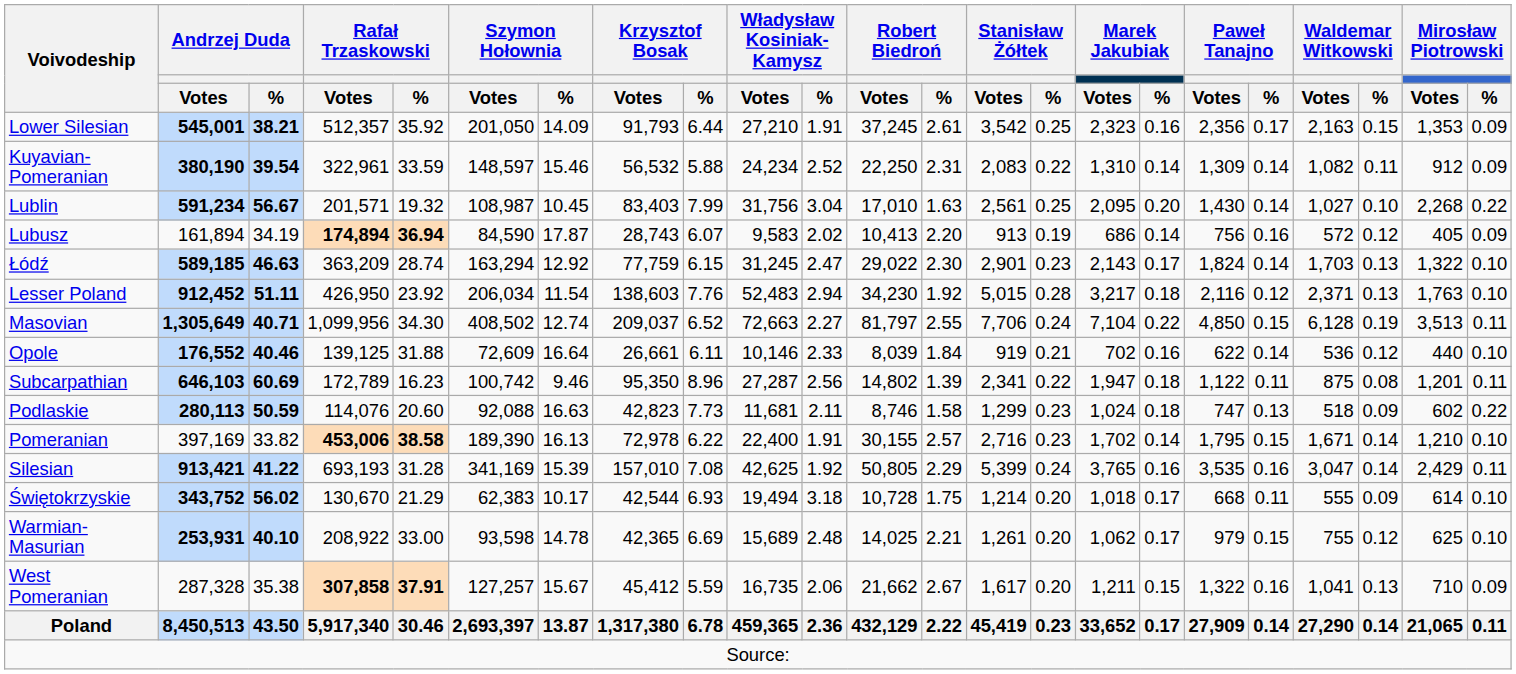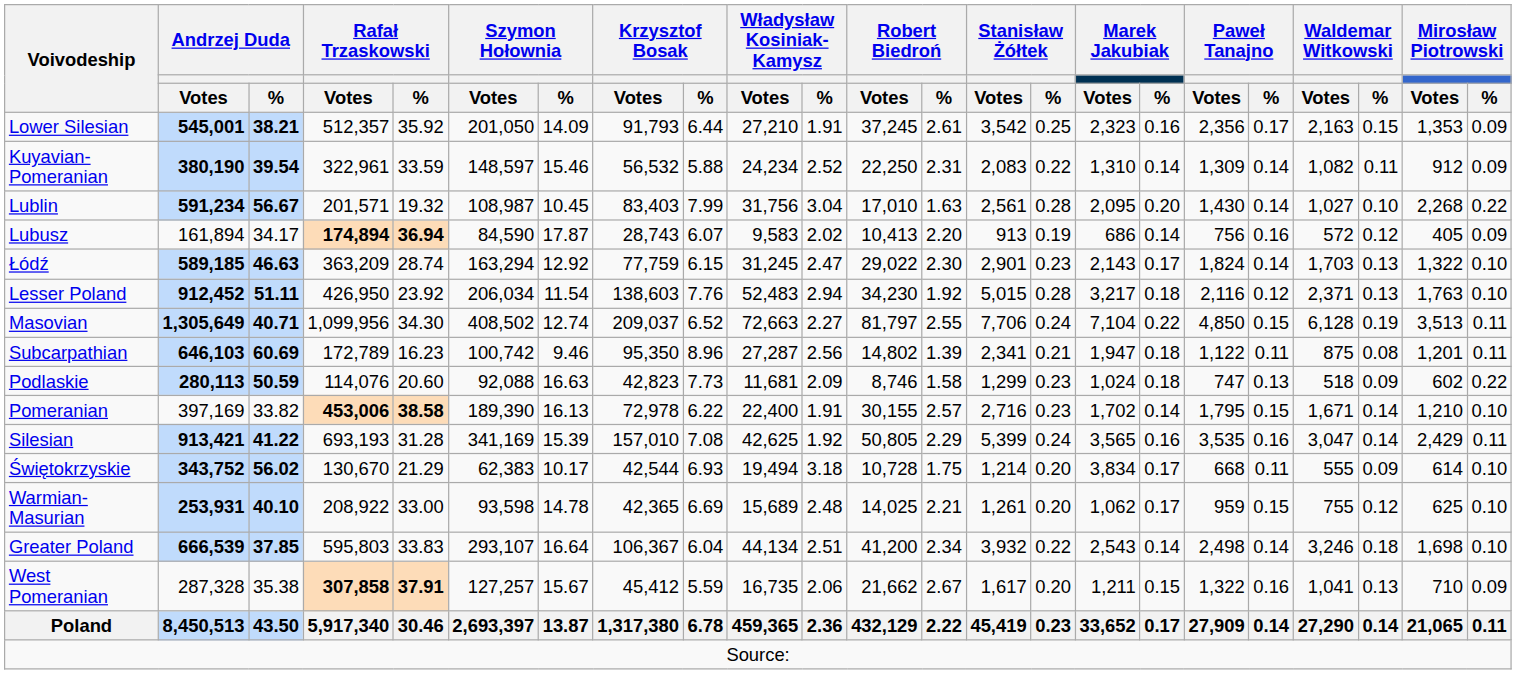 <table class="wikitable sortable" style="text-align:right; font-size:95%">
 <tr style="height:42px; text-align:center; background-color:#E9E9E9;">
 <th rowspan="3" style="width:120px;">Voivodeship</th>
 <th colspan="2" data-sort-type="number" style="width:40px;"><a href='#'>Andrzej Duda</a><br></th>
 <th colspan="2" data-sort-type="number" style="width:40px;"><a href='#'>Rafał Trzaskowski</a><br></th>
 <th colspan="2" data-sort-type="number" style="width:40px;"><a href='#'>Szymon Hołownia</a><br></th>
 <th colspan="2" data-sort-type="number" style="width:40px;"><a href='#'>Krzysztof Bosak</a><br></th>
 <th colspan="2" data-sort-type="number" style="width:40px;"><a href='#'>Władysław Kosiniak-Kamysz</a><br></th>
 <th colspan="2" data-sort-type="number" style="width:40px;"><a href='#'>Robert Biedroń</a><br></th>
 <th colspan="2" data-sort-type="number" style="width:40px;"><a href='#'>Stanisław Żółtek</a><br></th>
 <th colspan="2" data-sort-type="number" style="width:40px;"><a href='#'>Marek Jakubiak</a><br></th>
 <th colspan="2" data-sort-type="number" style="width:40px;"><a href='#'>Paweł Tanajno</a><br></th>
 <th colspan="2" data-sort-type="number" style="width:40px;"><a href='#'>Waldemar Witkowski</a><br></th>
 <th colspan="2" data-sort-type="number" style="width:40px;"><a href='#'>Mirosław Piotrowski</a><br></th>
 </tr>
 <tr>
 <th colspan="2" style="background:"></th>
 <th colspan="2" style="background:"></th>
 <th colspan="2" style="background:"></th>
 <th colspan="2" style="background:"></th>
 <th colspan="2" style="background:"></th>
 <th colspan="2" style="background:"></th>
 <th colspan="2" style="background:"></th>
 <th colspan="2" style="background:#003153;"></th>
 <th colspan="2" style="background:"></th>
 <th colspan="2" style="background:"></th>
 <th colspan="2" style="background:#3366CC;"></th>
 </tr>
 <tr>
 <th>Votes</th>
 <th>%</th>
 <th>Votes</th>
 <th>%</th>
 <th>Votes</th>
 <th>%</th>
 <th>Votes</th>
 <th>%</th>
 <th>Votes</th>
 <th>%</th>
 <th>Votes</th>
 <th>%</th>
 <th>Votes</th>
 <th>%</th>
 <th>Votes</th>
 <th>%</th>
 <th>Votes</th>
 <th>%</th>
 <th>Votes</th>
 <th>%</th>
 <th>Votes</th>
 <th>%</th>
 </tr>
 <tr>
 <td align="left"><a href='#'>Lower Silesian</a></td>
 <td style="font-weight:bold; background:#C0DBFC">545,001</td>
 <td style="font-weight:bold; background:#C0DBFC">38.21</td>
 <td>512,357</td>
 <td>35.92</td>
 <td>201,050</td>
 <td>14.09</td>
 <td>91,793</td>
 <td>6.44</td>
 <td>27,210</td>
 <td>1.91</td>
 <td>37,245</td>
 <td>2.61</td>
 <td>3,542</td>
 <td>0.25</td>
 <td>2,323</td>
 <td>0.16</td>
 <td>2,356</td>
 <td>0.17</td>
 <td>2,163</td>
 <td>0.15</td>
 <td>1,353</td>
 <td>0.09</td>
 </tr>
 <tr>
 <td align="left"><a href='#'>Kuyavian-Pomeranian</a></td>
 <td style="font-weight:bold; background:#C0DBFC">380,190</td>
 <td style="font-weight:bold; background:#C0DBFC">39.54</td>
 <td>322,961</td>
 <td>33.59</td>
 <td>148,597</td>
 <td>15.46</td>
 <td>56,532</td>
 <td>5.88</td>
 <td>24,234</td>
 <td>2.52</td>
 <td>22,250</td>
 <td>2.31</td>
 <td>2,083</td>
 <td>0.22</td>
 <td>1,310</td>
 <td>0.14</td>
 <td>1,309</td>
 <td>0.14</td>
 <td>1,082</td>
 <td>0.11</td>
 <td>912</td>
 <td>0.09</td>
 </tr>
 <tr>
 <td align="left"><a href='#'>Lublin</a></td>
 <td style="font-weight:bold; background:#C0DBFC">591,234</td>
 <td style="font-weight:bold; background:#C0DBFC">56.67</td>
 <td>201,571</td>
 <td>19.32</td>
 <td>108,987</td>
 <td>10.45</td>
 <td>83,403</td>
 <td>7.99</td>
 <td>31,756</td>
 <td>3.04</td>
 <td>17,010</td>
 <td>1.63</td>
 <td>2,561</td>
-<td>0.25</td>
+<td>0.28</td>
 <td>2,095</td>
 <td>0.20</td>
 <td>1,430</td>
 <td>0.14</td>
 <td>1,027</td>
 <td>0.10</td>
 <td>2,268</td>
 <td>0.22</td>
 </tr>
 <tr>
 <td align="left"><a href='#'>Lubusz</a></td>
 <td>161,894</td>
-<td>34.19</td>
+<td>34.17</td>
 <td style="font-weight:bold; background:#FDDCB8">174,894</td>
 <td style="font-weight:bold; background:#FDDCB8">36.94</td>
 <td>84,590</td>
 <td>17.87</td>
 <td>28,743</td>
 <td>6.07</td>
 <td>9,583</td>
 <td>2.02</td>
 <td>10,413</td>
 <td>2.20</td>
 <td>913</td>
 <td>0.19</td>
 <td>686</td>
 <td>0.14</td>
 <td>756</td>
 <td>0.16</td>
 <td>572</td>
 <td>0.12</td>
 <td>405</td>
 <td>0.09</td>
 </tr>
 <tr>
 <td align="left"><a href='#'>Łódź</a></td>
 <td style="font-weight:bold; background:#C0DBFC">589,185</td>
 <td style="font-weight:bold; background:#C0DBFC">46.63</td>
 <td>363,209</td>
 <td>28.74</td>
 <td>163,294</td>
 <td>12.92</td>
 <td>77,759</td>
 <td>6.15</td>
 <td>31,245</td>
 <td>2.47</td>
 <td>29,022</td>
 <td>2.30</td>
 <td>2,901</td>
 <td>0.23</td>
 <td>2,143</td>
 <td>0.17</td>
 <td>1,824</td>
 <td>0.14</td>
 <td>1,703</td>
 <td>0.13</td>
 <td>1,322</td>
 <td>0.10</td>
 </tr>
 <tr>
 <td align="left"><a href='#'>Lesser Poland</a></td>
 <td style="font-weight:bold; background:#C0DBFC">912,452</td>
 <td style="font-weight:bold; background:#C0DBFC">51.11</td>
 <td>426,950</td>
 <td>23.92</td>
 <td>206,034</td>
 <td>11.54</td>
 <td>138,603</td>
 <td>7.76</td>
 <td>52,483</td>
 <td>2.94</td>
 <td>34,230</td>
 <td>1.92</td>
 <td>5,015</td>
 <td>0.28</td>
 <td>3,217</td>
 <td>0.18</td>
 <td>2,116</td>
 <td>0.12</td>
 <td>2,371</td>
 <td>0.13</td>
 <td>1,763</td>
 <td>0.10</td>
 </tr>
 <tr>
 <td align="left"><a href='#'>Masovian</a></td>
 <td style="font-weight:bold; background:#C0DBFC">1,305,649</td>
 <td style="font-weight:bold; background:#C0DBFC">40.71</td>
 <td>1,099,956</td>
 <td>34.30</td>
 <td>408,502</td>
 <td>12.74</td>
 <td>209,037</td>
 <td>6.52</td>
 <td>72,663</td>
 <td>2.27</td>
 <td>81,797</td>
 <td>2.55</td>
 <td>7,706</td>
 <td>0.24</td>
 <td>7,104</td>
 <td>0.22</td>
 <td>4,850</td>
 <td>0.15</td>
 <td>6,128</td>
 <td>0.19</td>
 <td>3,513</td>
 <td>0.11</td>
 </tr>
 <tr>
-<td align="left"><a href='#'>Opole</a></td>
-<td style="font-weight:bold; background:#C0DBFC">176,552</td>
-<td style="font-weight:bold; background:#C0DBFC">40.46</td>
-<td>139,125</td>
-<td>31.88</td>
-<td>72,609</td>
-<td>16.64</td>
-<td>26,661</td>
-<td>6.11</td>
-<td>10,146</td>
-<td>2.33</td>
-<td>8,039</td>
-<td>1.84</td>
-<td>919</td>
-<td>0.21</td>
-<td>702</td>
-<td>0.16</td>
-<td>622</td>
-<td>0.14</td>
-<td>536</td>
-<td>0.12</td>
-<td>440</td>
-<td>0.10</td>
-</tr>
-<tr>
 <td align="left"><a href='#'>Subcarpathian</a></td>
 <td style="font-weight:bold; background:#C0DBFC">646,103</td>
 <td style="font-weight:bold; background:#C0DBFC">60.69</td>
 <td>172,789</td>
 <td>16.23</td>
 <td>100,742</td>
 <td>9.46</td>
 <td>95,350</td>
 <td>8.96</td>
 <td>27,287</td>
 <td>2.56</td>
 <td>14,802</td>
 <td>1.39</td>
 <td>2,341</td>
-<td>0.22</td>
+<td>0.21</td>
 <td>1,947</td>
 <td>0.18</td>
 <td>1,122</td>
 <td>0.11</td>
 <td>875</td>
 <td>0.08</td>
 <td>1,201</td>
 <td>0.11</td>
 </tr>
 <tr>
 <td align="left"><a href='#'>Podlaskie</a></td>
 <td style="font-weight:bold; background:#C0DBFC">280,113</td>
 <td style="font-weight:bold; background:#C0DBFC">50.59</td>
 <td>114,076</td>
 <td>20.60</td>
 <td>92,088</td>
 <td>16.63</td>
 <td>42,823</td>
 <td>7.73</td>
 <td>11,681</td>
-<td>2.11</td>
+<td>2.09</td>
 <td>8,746</td>
 <td>1.58</td>
 <td>1,299</td>
 <td>0.23</td>
 <td>1,024</td>
 <td>0.18</td>
 <td>747</td>
 <td>0.13</td>
 <td>518</td>
 <td>0.09</td>
 <td>602</td>
 <td>0.22</td>
 </tr>
 <tr>
 <td align="left"><a href='#'>Pomeranian</a></td>
 <td>397,169</td>
 <td>33.82</td>
 <td style="font-weight:bold; background:#FDDCB8">453,006</td>
 <td style="font-weight:bold; background:#FDDCB8">38.58</td>
 <td>189,390</td>
 <td>16.13</td>
 <td>72,978</td>
 <td>6.22</td>
 <td>22,400</td>
 <td>1.91</td>
 <td>30,155</td>
 <td>2.57</td>
 <td>2,716</td>
 <td>0.23</td>
 <td>1,702</td>
 <td>0.14</td>
 <td>1,795</td>
 <td>0.15</td>
 <td>1,671</td>
 <td>0.14</td>
 <td>1,210</td>
 <td>0.10</td>
 </tr>
 <tr>
 <td align="left"><a href='#'>Silesian</a></td>
 <td style="font-weight:bold; background:#C0DBFC">913,421</td>
 <td style="font-weight:bold; background:#C0DBFC">41.22</td>
 <td>693,193</td>
 <td>31.28</td>
 <td>341,169</td>
 <td>15.39</td>
 <td>157,010</td>
 <td>7.08</td>
 <td>42,625</td>
 <td>1.92</td>
 <td>50,805</td>
 <td>2.29</td>
 <td>5,399</td>
 <td>0.24</td>
-<td>3,765</td>
+<td>3,565</td>
 <td>0.16</td>
 <td>3,535</td>
 <td>0.16</td>
 <td>3,047</td>
 <td>0.14</td>
 <td>2,429</td>
 <td>0.11</td>
 </tr>
 <tr>
 <td align="left"><a href='#'>Świętokrzyskie</a></td>
 <td style="font-weight:bold; background:#C0DBFC">343,752</td>
 <td style="font-weight:bold; background:#C0DBFC">56.02</td>
 <td>130,670</td>
 <td>21.29</td>
 <td>62,383</td>
 <td>10.17</td>
 <td>42,544</td>
 <td>6.93</td>
 <td>19,494</td>
 <td>3.18</td>
 <td>10,728</td>
 <td>1.75</td>
 <td>1,214</td>
 <td>0.20</td>
-<td>1,018</td>
+<td>3,834</td>
 <td>0.17</td>
 <td>668</td>
 <td>0.11</td>
 <td>555</td>
 <td>0.09</td>
 <td>614</td>
 <td>0.10</td>
 </tr>
 <tr>
 <td align="left"><a href='#'>Warmian-Masurian</a></td>
 <td style="font-weight:bold; background:#C0DBFC">253,931</td>
 <td style="font-weight:bold; background:#C0DBFC">40.10</td>
 <td>208,922</td>
 <td>33.00</td>
 <td>93,598</td>
 <td>14.78</td>
 <td>42,365</td>
 <td>6.69</td>
 <td>15,689</td>
 <td>2.48</td>
 <td>14,025</td>
 <td>2.21</td>
 <td>1,261</td>
 <td>0.20</td>
 <td>1,062</td>
 <td>0.17</td>
-<td>979</td>
+<td>959</td>
 <td>0.15</td>
 <td>755</td>
 <td>0.12</td>
 <td>625</td>
+<td>0.10</td>
+</tr>
+<tr>
+<td align="left"><a href='#'>Greater Poland</a></td>
+<td style="font-weight:bold; background:#C0DBFC">666,539</td>
+<td style="font-weight:bold; background:#C0DBFC">37.85</td>
+<td>595,803</td>
+<td>33.83</td>
+<td>293,107</td>
+<td>16.64</td>
+<td>106,367</td>
+<td>6.04</td>
+<td>44,134</td>
+<td>2.51</td>
+<td>41,200</td>
+<td>2.34</td>
+<td>3,932</td>
+<td>0.22</td>
+<td>2,543</td>
+<td>0.14</td>
+<td>2,498</td>
+<td>0.14</td>
+<td>3,246</td>
+<td>0.18</td>
+<td>1,698</td>
 <td>0.10</td>
 </tr>
 <tr>
 <td align="left"><a href='#'>West Pomeranian</a></td>
 <td>287,328</td>
 <td>35.38</td>
 <td style="font-weight:bold; background:#FDDCB8">307,858</td>
 <td style="font-weight:bold; background:#FDDCB8">37.91</td>
 <td>127,257</td>
 <td>15.67</td>
 <td>45,412</td>
 <td>5.59</td>
 <td>16,735</td>
 <td>2.06</td>
 <td>21,662</td>
 <td>2.67</td>
 <td>1,617</td>
 <td>0.20</td>
 <td>1,211</td>
 <td>0.15</td>
 <td>1,322</td>
 <td>0.16</td>
 <td>1,041</td>
 <td>0.13</td>
 <td>710</td>
 <td>0.09</td>
 </tr>
 <tr class=sortbottom>
 <th>Poland</th>
 <th style="font-weight:bold; background:#C0DBFC">8,450,513</th>
 <th style="font-weight:bold; background:#C0DBFC">43.50</th>
 <th>5,917,340</th>
 <th>30.46</th>
 <th>2,693,397</th>
 <th>13.87</th>
 <th>1,317,380</th>
 <th>6.78</th>
 <th>459,365</th>
 <th>2.36</th>
 <th>432,129</th>
 <th>2.22</th>
 <th>45,419</th>
 <th>0.23</th>
 <th>33,652</th>
 <th>0.17</th>
 <th>27,909</th>
 <th>0.14</th>
 <th>27,290</th>
 <th>0.14</th>
 <th>21,065</th>
 <th>0.11</th>
 </tr>
 <tr class=sortbottom>
 <td colspan="23" align="center">Source: </td>
 </tr>
 </table>
